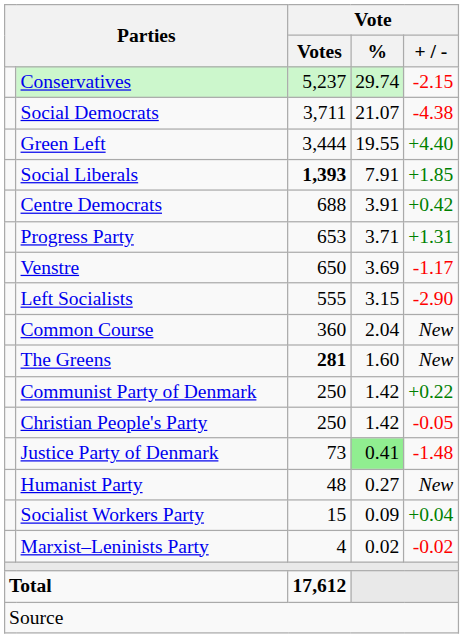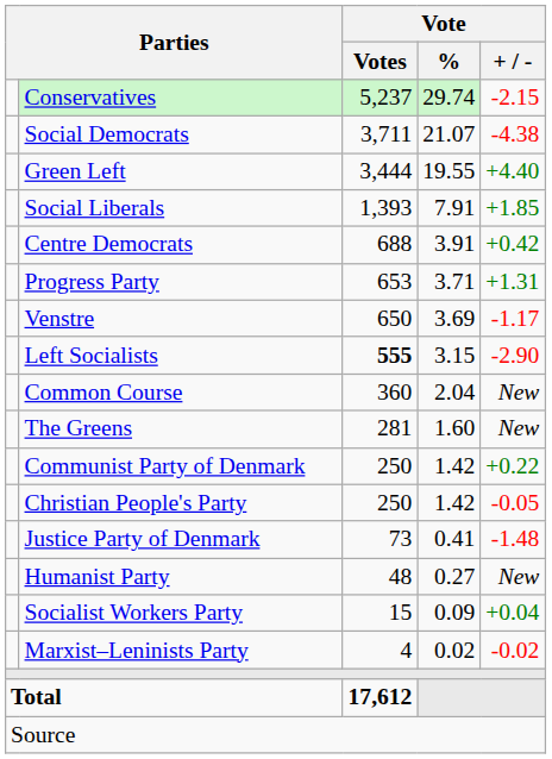 <table class="wikitable" style="text-align:right;">
 <tr>
 <th style="text-align:centre;" rowspan="2" colspan="2" width="225">Parties</th>
 <th colspan="3">Vote</th>
 </tr>
 <tr>
 <th width="15">Votes</th>
 <th width="15">%</th>
 <th width="15">+ / -</th>
 </tr>
 <tr>
 <td width="2" style="color:inherit;background:"></td>
 <td bgcolor=#ccf7cc  align="left"><a href='#'>Conservatives</a></td>
 <td bgcolor=#ccf7cc>5,237</td>
 <td bgcolor=#ccf7cc>29.74</td>
 <td style=color:red;>-2.15</td>
 </tr>
 <tr>
 <td width="2" style="color:inherit;background:"></td>
 <td align="left"><a href='#'>Social Democrats</a></td>
 <td>3,711</td>
 <td>21.07</td>
 <td style=color:red;>-4.38</td>
 </tr>
 <tr>
 <td width="2" style="color:inherit;background:"></td>
 <td align="left"><a href='#'>Green Left</a></td>
 <td>3,444</td>
 <td>19.55</td>
 <td style=color:green;>+4.40</td>
 </tr>
 <tr>
 <td width="2" style="color:inherit;background:"></td>
 <td align="left"><a href='#'>Social Liberals</a></td>
-<td><strong>1,393</strong></td>
+<td>1,393</td>
 <td>7.91</td>
 <td style=color:green;>+1.85</td>
 </tr>
 <tr>
 <td width="2" style="color:inherit;background:"></td>
 <td align="left"><a href='#'>Centre Democrats</a></td>
 <td>688</td>
 <td>3.91</td>
 <td style=color:green;>+0.42</td>
 </tr>
 <tr>
 <td width="2" style="color:inherit;background:"></td>
 <td align="left"><a href='#'>Progress Party</a></td>
 <td>653</td>
 <td>3.71</td>
 <td style=color:green;>+1.31</td>
 </tr>
 <tr>
 <td width="2" style="color:inherit;background:"></td>
 <td align="left"><a href='#'>Venstre</a></td>
 <td>650</td>
 <td>3.69</td>
 <td style=color:red;>-1.17</td>
 </tr>
 <tr>
 <td width="2" style="color:inherit;background:"></td>
 <td align="left"><a href='#'>Left Socialists</a></td>
-<td>555</td>
+<td><strong>555</strong></td>
 <td>3.15</td>
 <td style=color:red;>-2.90</td>
 </tr>
 <tr>
 <td width="2" style="color:inherit;background:"></td>
 <td align="left"><a href='#'>Common Course</a></td>
 <td>360</td>
 <td>2.04</td>
 <td><em>New</em></td>
 </tr>
 <tr>
 <td width="2" style="color:inherit;background:"></td>
 <td align="left"><a href='#'>The Greens</a></td>
-<td><strong>281</strong></td>
+<td>281</td>
 <td>1.60</td>
 <td><em>New</em></td>
 </tr>
 <tr>
 <td width="2" style="color:inherit;background:"></td>
 <td align="left"><a href='#'>Communist Party of Denmark</a></td>
 <td>250</td>
 <td>1.42</td>
 <td style=color:green;>+0.22</td>
 </tr>
 <tr>
 <td width="2" style="color:inherit;background:"></td>
 <td align="left"><a href='#'>Christian People's Party</a></td>
 <td>250</td>
 <td>1.42</td>
 <td style=color:red;>-0.05</td>
 </tr>
 <tr>
 <td width="2" style="color:inherit;background:"></td>
 <td align="left"><a href='#'>Justice Party of Denmark</a></td>
 <td>73</td>
-<td style="background: lightgreen;">0.41</td>
+<td>0.41</td>
 <td style=color:red;>-1.48</td>
 </tr>
 <tr>
 <td width="2" style="color:inherit;background:"></td>
 <td align="left"><a href='#'>Humanist Party</a></td>
 <td>48</td>
 <td>0.27</td>
 <td><em>New</em></td>
 </tr>
 <tr>
 <td width="2" style="color:inherit;background:"></td>
 <td align="left"><a href='#'>Socialist Workers Party</a></td>
 <td>15</td>
 <td>0.09</td>
 <td style=color:green;>+0.04</td>
 </tr>
 <tr>
 <td width="2" style="color:inherit;background:"></td>
 <td align="left"><a href='#'>Marxist–Leninists Party</a></td>
 <td>4</td>
 <td>0.02</td>
 <td style=color:red;>-0.02</td>
 </tr>
 <tr>
 <td colspan="7" bgcolor="#E9E9E9"></td>
 </tr>
 <tr>
 <td align="left" colspan="2"><strong>Total</strong></td>
 <td><strong>17,612</strong></td>
 <td bgcolor="#E9E9E9" colspan="2"></td>
 </tr>
 <tr>
 <td align="left" colspan="6">Source</td>
 </tr>
 </table>
